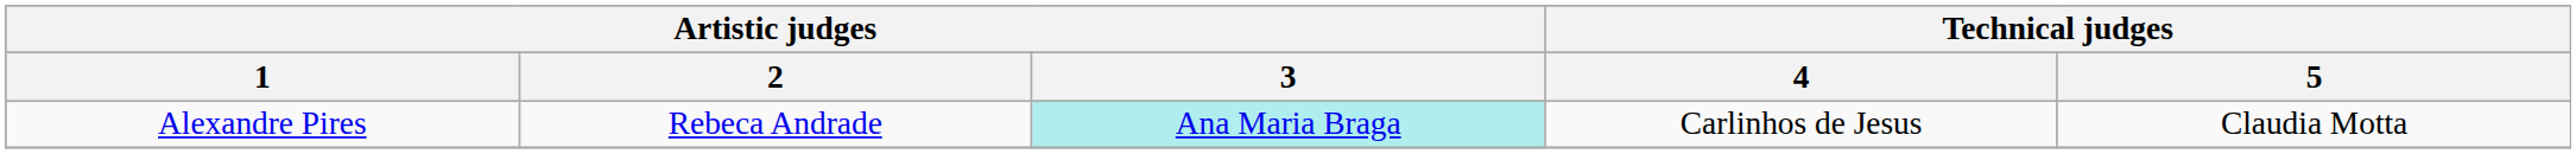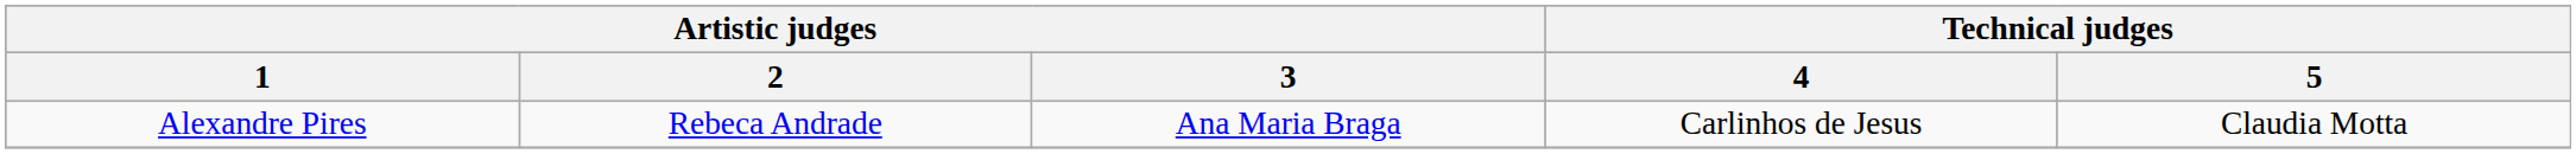 <table class="wikitable" style="font-size:100%; line-height:16px; text-align:center" width="100%">
 <tr>
 <th colspan=3>Artistic judges</th>
 <th colspan=2>Technical judges</th>
 </tr>
 <tr>
 <th width="20.0%">1</th>
 <th width="20.0%">2</th>
 <th width="20.0%">3</th>
 <th width="20.0%">4</th>
 <th width="20.0%">5</th>
 </tr>
 <tr>
 <td><a href='#'>Alexandre Pires</a></td>
 <td><a href='#'>Rebeca Andrade</a></td>
-<td style="background: paleturquoise;"><a href='#'>Ana Maria Braga</a></td>
+<td><a href='#'>Ana Maria Braga</a></td>
 <td>Carlinhos de Jesus</td>
 <td>Claudia Motta</td>
 </tr>
 <tr>
 </tr>
 </table>
